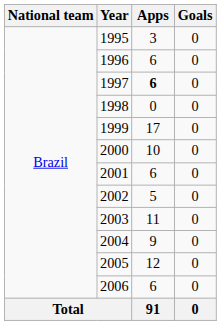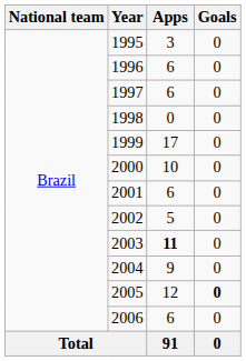 <table class="wikitable" style="text-align:center">
 <tr>
 <th>National team</th>
 <th>Year</th>
 <th width="40">Apps</th>
 <th width="40">Goals</th>
 </tr>
 <tr>
 <td rowspan="12"><a href='#'>Brazil</a></td>
 <td>1995</td>
 <td>3</td>
 <td>0</td>
 </tr>
 <tr>
 <td>1996</td>
 <td>6</td>
 <td>0</td>
 </tr>
 <tr>
 <td>1997</td>
-<td><strong>6</strong></td>
+<td>6</td>
 <td>0</td>
 </tr>
 <tr>
 <td>1998</td>
 <td>0</td>
 <td>0</td>
 </tr>
 <tr>
 <td>1999</td>
 <td>17</td>
 <td>0</td>
 </tr>
 <tr>
 <td>2000</td>
 <td>10</td>
 <td>0</td>
 </tr>
 <tr>
 <td>2001</td>
 <td>6</td>
 <td>0</td>
 </tr>
 <tr>
 <td>2002</td>
 <td>5</td>
 <td>0</td>
 </tr>
 <tr>
 <td>2003</td>
-<td>11</td>
+<td><strong>11</strong></td>
 <td>0</td>
 </tr>
 <tr>
 <td>2004</td>
 <td>9</td>
 <td>0</td>
 </tr>
 <tr>
 <td>2005</td>
 <td>12</td>
-<td>0</td>
+<td><strong>0</strong></td>
 </tr>
 <tr>
 <td>2006</td>
 <td>6</td>
 <td>0</td>
 </tr>
 <tr>
 <th colspan="2">Total</th>
 <th>91</th>
 <th>0</th>
 </tr>
 </table>
